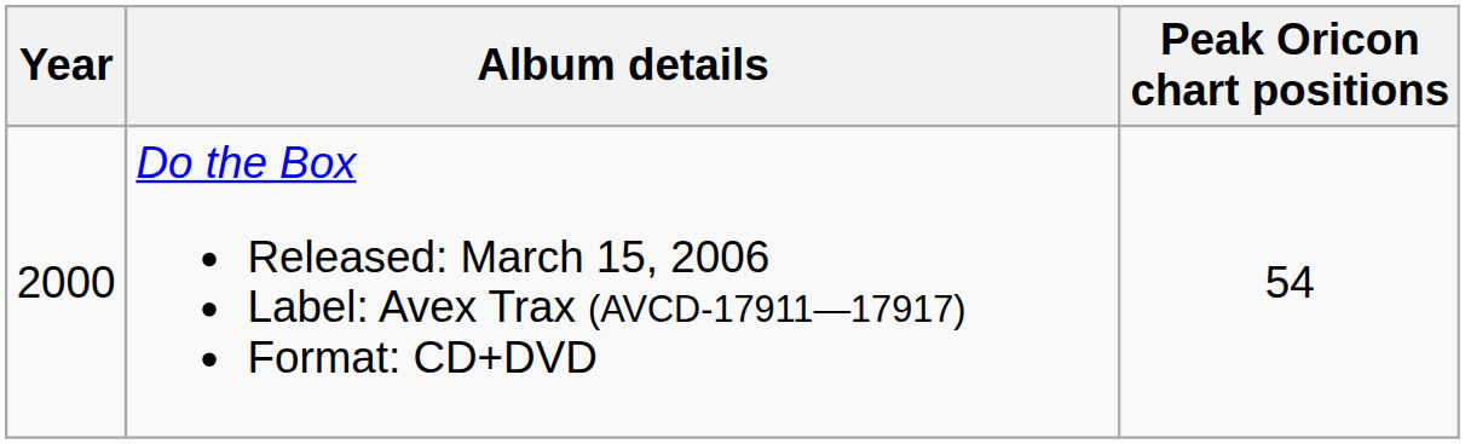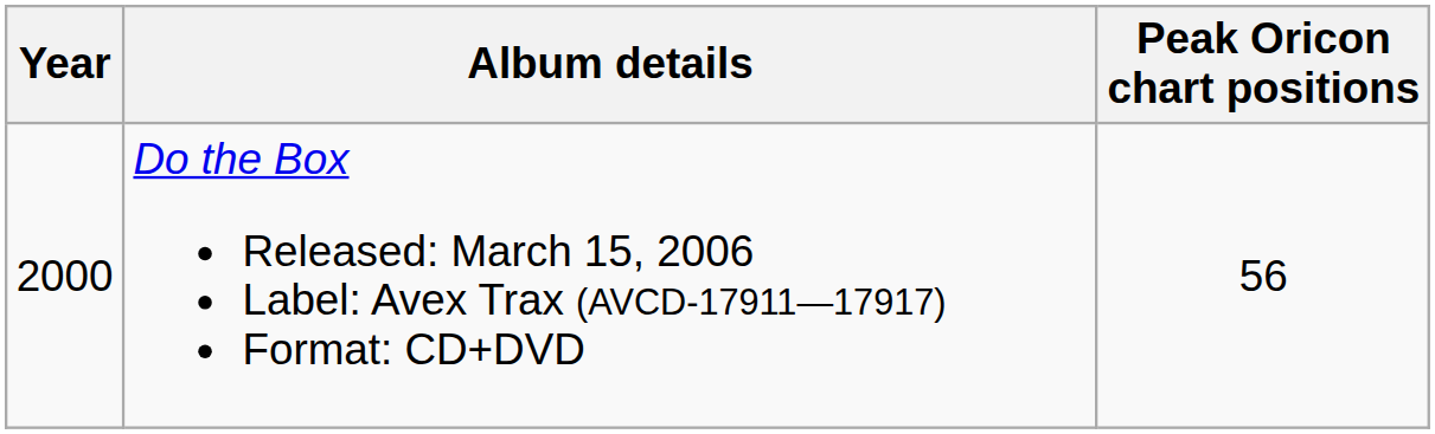 <table class="wikitable" border="1">
 <tr>
 <th rowspan="1">Year</th>
 <th rowspan="1" width="350">Album details</th>
 <th colspan="1">Peak Oricon<br> chart positions</th>
 </tr>
 <tr>
 <td>2000</td>
 <td align="left"><em><a href='#'>Do the Box</a></em><br><ul><li>Released: March 15, 2006</li><li>Label: Avex Trax <small>(AVCD-17911—17917)</small></li><li>Format: CD+DVD</li></ul></td>
-<td align="center">54</td>
+<td align="center">56</td>
 </tr>
 </table>
